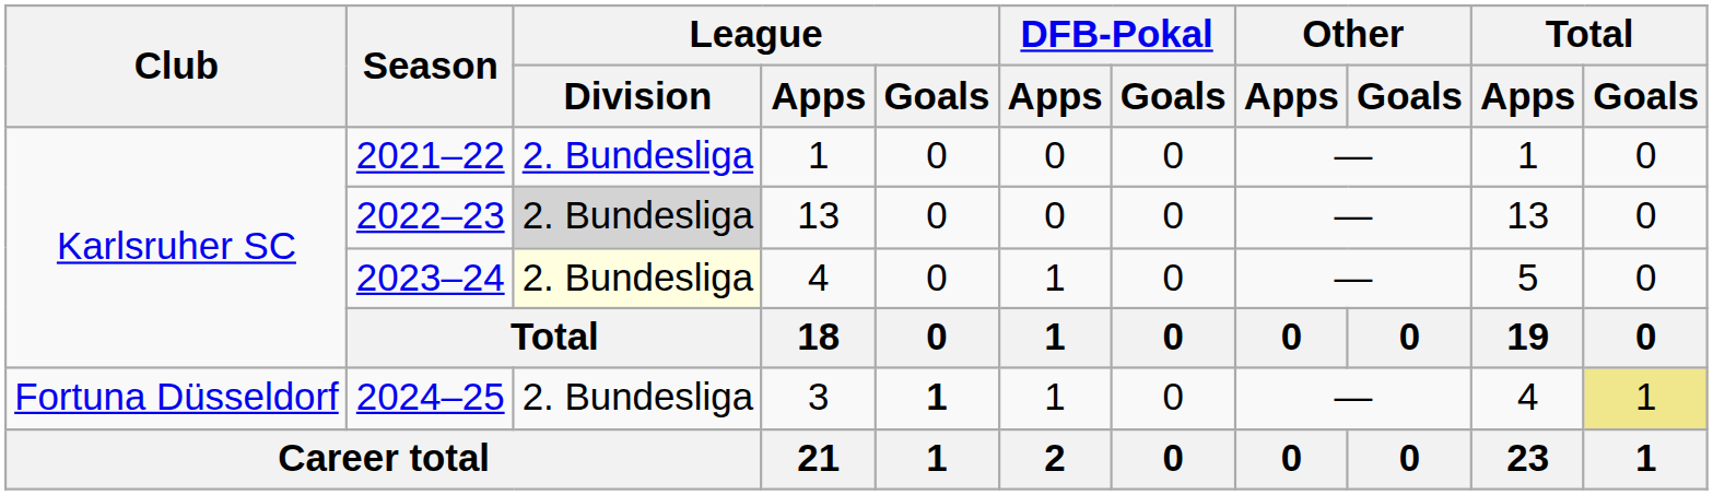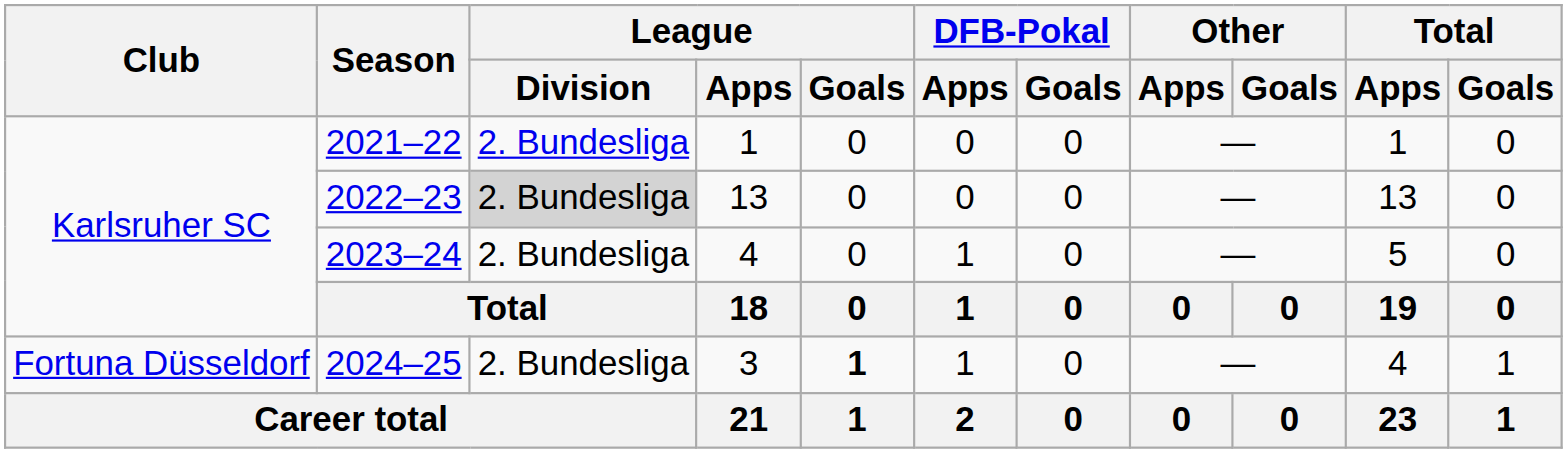 <table class="wikitable" style="text-align: center">
 <tr>
 <th rowspan="2">Club</th>
 <th rowspan="2">Season</th>
 <th colspan="3">League</th>
 <th colspan="2"><a href='#'>DFB-Pokal</a></th>
 <th colspan="2">Other</th>
 <th colspan="2">Total</th>
 </tr>
 <tr>
 <th>Division</th>
 <th>Apps</th>
 <th>Goals</th>
 <th>Apps</th>
 <th>Goals</th>
 <th>Apps</th>
 <th>Goals</th>
 <th>Apps</th>
 <th>Goals</th>
 </tr>
 <tr>
 <td rowspan="4"><a href='#'>Karlsruher SC</a></td>
 <td><a href='#'>2021–22</a></td>
 <td><a href='#'>2. Bundesliga</a></td>
 <td>1</td>
 <td>0</td>
 <td>0</td>
 <td>0</td>
 <td colspan="2">—</td>
 <td>1</td>
 <td>0</td>
 </tr>
 <tr>
 <td><a href='#'>2022–23</a></td>
 <td style="background: lightgrey;">2. Bundesliga</td>
 <td>13</td>
 <td>0</td>
 <td>0</td>
 <td>0</td>
 <td colspan="2">—</td>
 <td>13</td>
 <td>0</td>
 </tr>
 <tr>
 <td><a href='#'>2023–24</a></td>
-<td style="background: lightyellow;">2. Bundesliga</td>
+<td>2. Bundesliga</td>
 <td>4</td>
 <td>0</td>
 <td>1</td>
 <td>0</td>
 <td colspan="2">—</td>
 <td>5</td>
 <td>0</td>
 </tr>
 <tr>
 <th colspan="2">Total</th>
 <th>18</th>
 <th>0</th>
 <th>1</th>
 <th>0</th>
 <th>0</th>
 <th>0</th>
 <th>19</th>
 <th>0</th>
 </tr>
 <tr>
 <td><a href='#'>Fortuna Düsseldorf</a></td>
 <td><a href='#'>2024–25</a></td>
 <td>2. Bundesliga</td>
 <td>3</td>
 <td><strong>1</strong></td>
 <td>1</td>
 <td>0</td>
 <td colspan="2">—</td>
 <td>4</td>
-<td style="background: khaki;">1</td>
+<td>1</td>
 </tr>
 <tr>
 <th colspan="3">Career total</th>
 <th>21</th>
 <th>1</th>
 <th>2</th>
 <th>0</th>
 <th>0</th>
 <th>0</th>
 <th>23</th>
 <th>1</th>
 </tr>
 </table>
